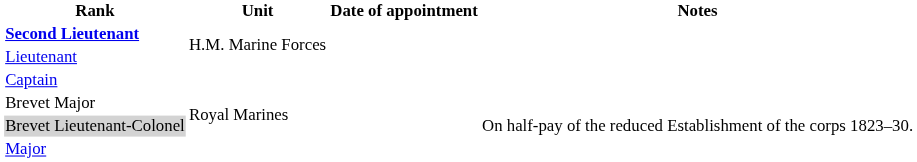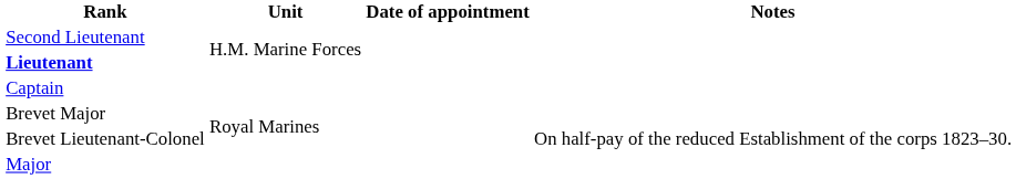 <table>
 <tr>
 <th>Rank</th>
 <th>Unit</th>
 <th>Date of appointment</th>
 <th>Notes</th>
 </tr>
 <tr>
-<td><strong><a href='#'>Second Lieutenant</a></strong></td>
+<td><a href='#'>Second Lieutenant</a></td>
 <td rowspan=2>H.M. Marine Forces</td>
 <td></td>
 </tr>
 <tr>
-<td><a href='#'>Lieutenant</a></td>
+<td><strong><a href='#'>Lieutenant</a></strong></td>
 <td></td>
 </tr>
 <tr>
 <td><a href='#'>Captain</a></td>
 <td rowspan=4>Royal Marines</td>
 <td></td>
 </tr>
 <tr>
 <td>Brevet Major</td>
 <td></td>
 </tr>
 <tr>
-<td style="background: lightgrey;">Brevet Lieutenant-Colonel</td>
+<td>Brevet Lieutenant-Colonel</td>
 <td></td>
 <td>On half-pay of the reduced Establishment of the corps 1823–30.</td>
 </tr>
 <tr>
 <td><a href='#'>Major</a></td>
 <td></td>
 <td></td>
 </tr>
 </table>
